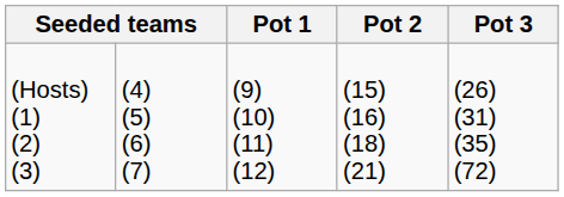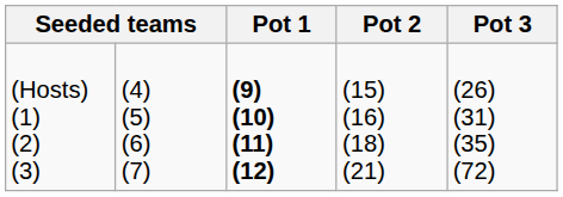 <table class="wikitable">
 <tr>
 <th colspan=2>Seeded teams</th>
 <th width=20%>Pot 1</th>
 <th width=20%>Pot 2</th>
 <th width=20%>Pot 3</th>
 </tr>
 <tr>
 <td width=20%><br> (Hosts)<br>  (1)<br>  (2)<br>  (3)</td>
 <td width=20%><br> (4)<br>  (5)<br>  (6)<br>  (7)</td>
-<td><br> (9)<br>  (10)<br>  (11)<br>  (12)</td>
+<td><strong><br> (9)<br>  (10)<br>  (11)<br>  (12)</strong></td>
 <td><br> (15)<br>  (16)<br>  (18)<br>  (21)</td>
 <td><br> (26)<br>  (31)<br>  (35)<br>  (72)</td>
 </tr>
 </table>
